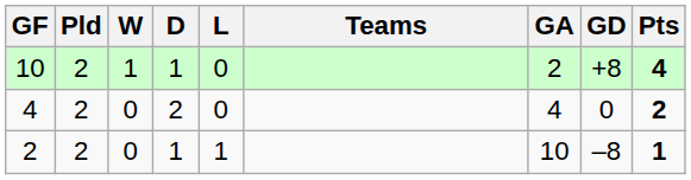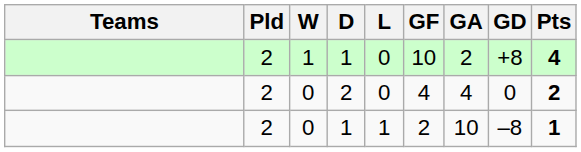 <table class="wikitable" style="text-align: center;">
 <tr>
-<th width=20>GF</th>
+<th width=165>Teams</th>
 <th width=20>Pld</th>
 <th width=20>W</th>
 <th width=20>D</th>
 <th width=20>L</th>
-<th width=165>Teams</th>
+<th width=20>GF</th>
 <th width=20>GA</th>
 <th width=20>GD</th>
 <th width=20>Pts</th>
 </tr>
 <tr align=center style="background:#ccffcc;">
-<td>10</td>
+<td style="text-align:left;"></td>
 <td>2</td>
 <td>1</td>
 <td>1</td>
 <td>0</td>
-<td style="text-align:left;"></td>
+<td>10</td>
 <td>2</td>
 <td>+8</td>
 <td><strong>4</strong></td>
 </tr>
 <tr align=center>
-<td>4</td>
+<td style="text-align:left;"></td>
 <td>2</td>
 <td>0</td>
 <td>2</td>
 <td>0</td>
-<td style="text-align:left;"></td>
+<td>4</td>
 <td>4</td>
 <td>0</td>
 <td><strong>2</strong></td>
 </tr>
 <tr align=center>
-<td>2</td>
+<td style="text-align:left;"></td>
 <td>2</td>
 <td>0</td>
 <td>1</td>
 <td>1</td>
-<td style="text-align:left;"></td>
+<td>2</td>
 <td>10</td>
 <td>–8</td>
 <td><strong>1</strong></td>
 </tr>
 </table>
